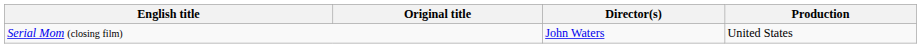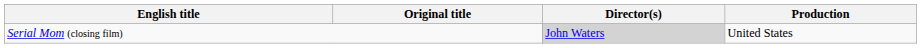 <table class="wikitable" width="95%" cellpadding="5">
 <tr>
 <th width="36%">English title</th>
 <th width="23%">Original title</th>
 <th width="20%">Director(s)</th>
 <th width="21%">Production</th>
 </tr>
 <tr>
 <td colspan="2"><em><a href='#'>Serial Mom</a></em> <small>(closing film)</small></td>
-<td data-sort-value="Konchalovsky"><a href='#'>John Waters</a></td>
+<td data-sort-value="Konchalovsky" style="background: lightgrey;"><a href='#'>John Waters</a></td>
 <td>United States</td>
 </tr>
 </table>
